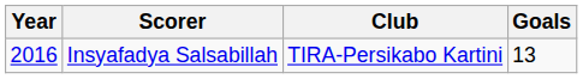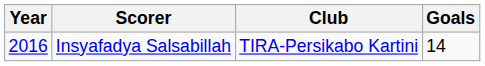 <table class="wikitable">
 <tr>
 <th>Year</th>
 <th>Scorer</th>
 <th>Club</th>
 <th>Goals</th>
 </tr>
 <tr>
 <td><a href='#'>2016</a></td>
 <td> <a href='#'>Insyafadya Salsabillah</a></td>
 <td><a href='#'>TIRA-Persikabo Kartini</a></td>
-<td style="align: center;">13</td>
+<td style="align: center;">14</td>
 </tr>
 </table>
